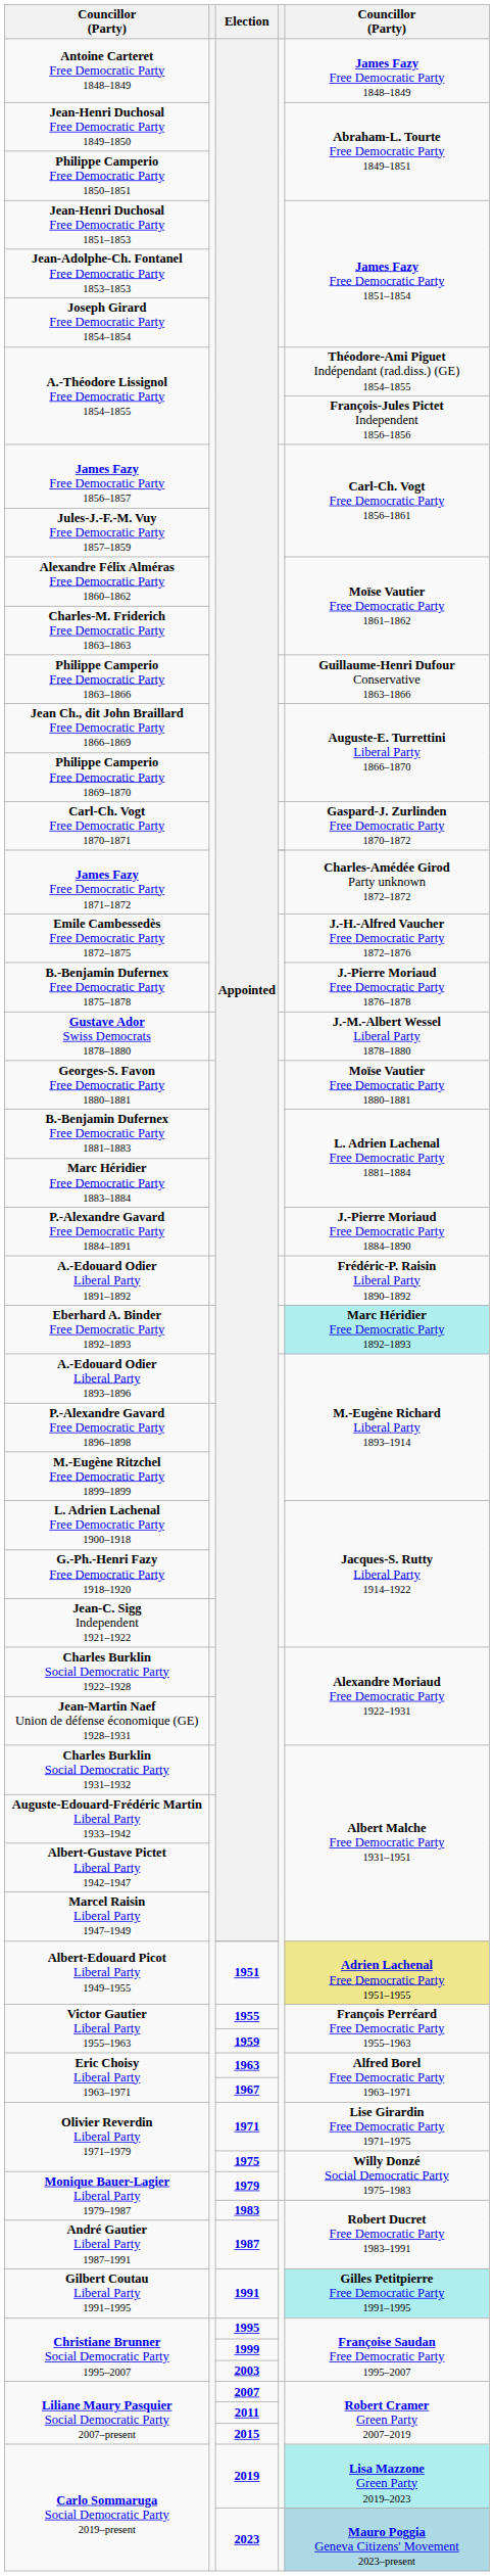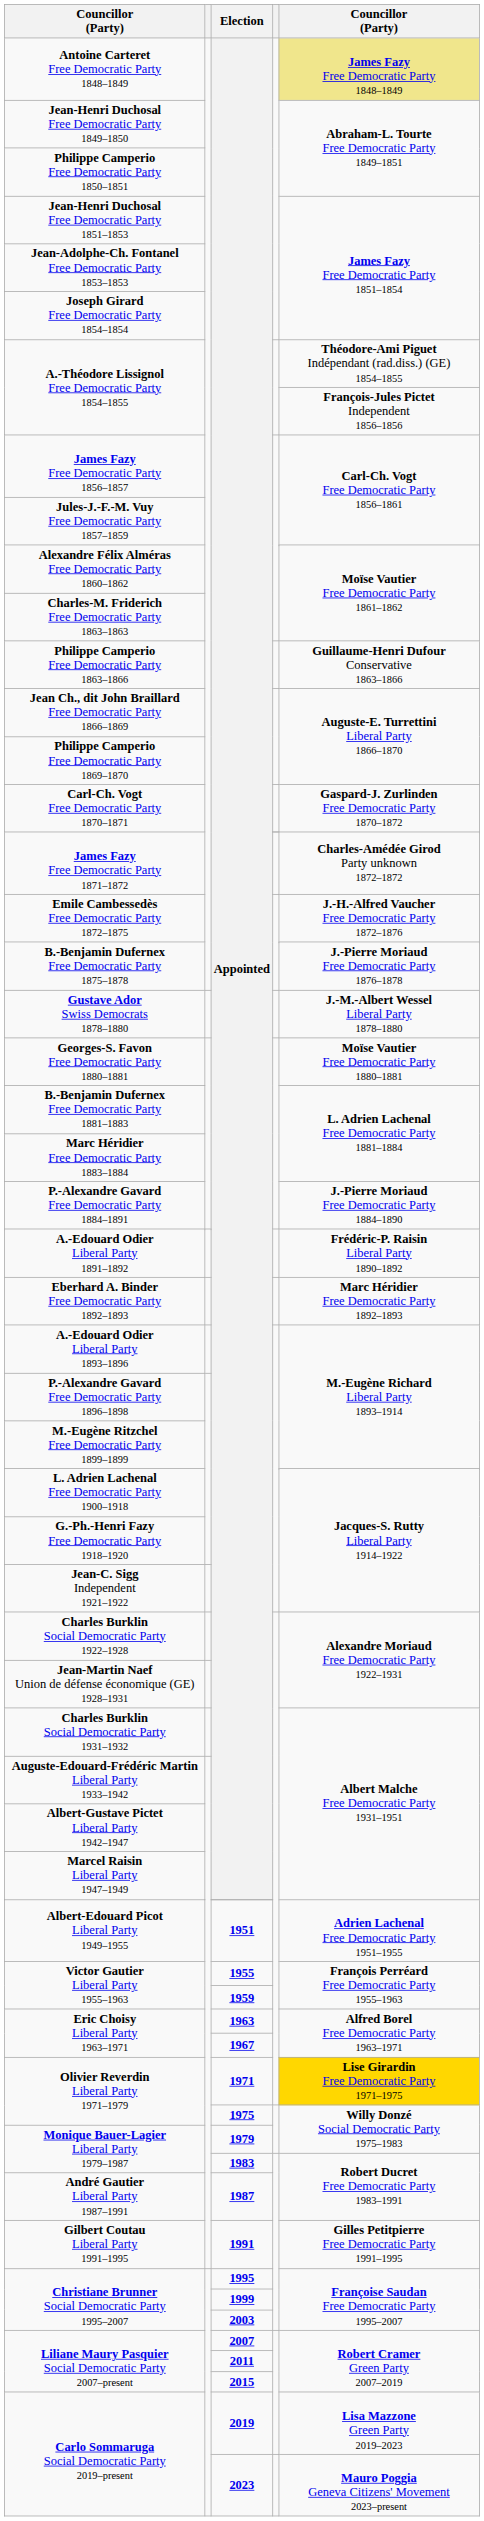 <table class="wikitable" style="text-align:center">
 <tr>
 <th scope="col" width="250" colspan = "1">Councillor<br> (Party)</th>
 <th></th>
 <th>Election</th>
 <th></th>
 <th scope="col" width="250" colspan = "1">Councillor<br> (Party)</th>
 </tr>
 <tr>
 <td rowspan=1><strong>Antoine Carteret</strong><br><a href='#'>Free Democratic Party</a><br><small>1848–1849</small></td>
 <td rowspan=22; style="background-color: "></td>
 <th rowspan=43>Appointed</th>
 <td rowspan=6; style="background-color: "></td>
-<td rowspan=1><br><strong><a href='#'>James Fazy</a></strong><br><a href='#'>Free Democratic Party</a><br><small>1848–1849</small></td>
+<td rowspan=1 style="background: khaki;"><br><strong><a href='#'>James Fazy</a></strong><br><a href='#'>Free Democratic Party</a><br><small>1848–1849</small></td>
 </tr>
 <tr>
 <td rowspan=1><strong>Jean-Henri Duchosal</strong><br><a href='#'>Free Democratic Party</a><br><small>1849–1850</small></td>
 <td rowspan=2><strong>Abraham-L. Tourte</strong><br><a href='#'>Free Democratic Party</a><br><small>1849–1851</small></td>
 </tr>
 <tr>
 <td rowspan=1><strong>Philippe Camperio</strong><br><a href='#'>Free Democratic Party</a><br><small>1850–1851</small></td>
 </tr>
 <tr>
 <td rowspan=1><strong>Jean-Henri Duchosal</strong><br><a href='#'>Free Democratic Party</a><br><small>1851–1853</small></td>
 <td rowspan=3><br><strong><a href='#'>James Fazy</a></strong><br><a href='#'>Free Democratic Party</a><br><small>1851–1854</small></td>
 </tr>
 <tr>
 <td rowspan=1><strong>Jean-Adolphe-Ch. Fontanel</strong><br><a href='#'>Free Democratic Party</a><br><small>1853–1853</small></td>
 </tr>
 <tr>
 <td rowspan=1><strong>Joseph Girard</strong><br><a href='#'>Free Democratic Party</a><br><small>1854–1854</small></td>
 </tr>
 <tr>
 <td rowspan=2><strong>A.-Théodore Lissignol</strong><br><a href='#'>Free Democratic Party</a><br><small>1854–1855</small></td>
 <td rowspan=2; style="background-color: "></td>
 <td rowspan=1><strong>Théodore-Ami Piguet</strong><br>Indépendant (rad.diss.) (GE)<br><small>1854–1855</small></td>
 </tr>
 <tr>
 <td rowspan=1><strong>François-Jules Pictet</strong><br>Independent<br><small>1856–1856</small></td>
 </tr>
 <tr>
 <td rowspan=1><br><strong><a href='#'>James Fazy</a></strong><br><a href='#'>Free Democratic Party</a><br><small>1856–1857</small></td>
 <td rowspan=5; style="background-color: "></td>
 <td rowspan=3><strong>Carl-Ch. Vogt</strong><br><a href='#'>Free Democratic Party</a><br><small>1856–1861</small></td>
 </tr>
 <tr>
 <td rowspan=1><strong>Jules-J.-F.-M. Vuy</strong><br><a href='#'>Free Democratic Party</a><br><small>1857–1859</small></td>
 </tr>
 <tr>
 <td rowspan=2><strong>Alexandre Félix Alméras</strong><br><a href='#'>Free Democratic Party</a><br><small>1860–1862</small></td>
 </tr>
 <tr>
 <td rowspan=2><strong>Moïse Vautier</strong><br><a href='#'>Free Democratic Party</a><br><small>1861–1862</small></td>
 </tr>
 <tr>
 <td rowspan=1><strong>Charles-M. Friderich</strong><br><a href='#'>Free Democratic Party</a><br><small>1863–1863</small></td>
 </tr>
 <tr>
 <td rowspan=1><strong>Philippe Camperio</strong><br><a href='#'>Free Democratic Party</a><br><small>1863–1866</small></td>
 <td rowspan=1; style="background-color: "></td>
 <td rowspan=1><strong>Guillaume-Henri Dufour</strong><br>Conservative<br><small>1863–1866</small></td>
 </tr>
 <tr>
 <td rowspan=1><strong>Jean Ch., dit John Braillard</strong><br><a href='#'>Free Democratic Party</a><br><small>1866–1869</small></td>
 <td rowspan=2; style="background-color: "></td>
 <td rowspan=2><strong>Auguste-E. Turrettini</strong><br><a href='#'>Liberal Party</a><br><small>1866–1870</small></td>
 </tr>
 <tr>
 <td rowspan=1><strong>Philippe Camperio</strong><br><a href='#'>Free Democratic Party</a><br><small>1869–1870</small></td>
 </tr>
 <tr>
 <td rowspan=1><strong>Carl-Ch. Vogt</strong><br><a href='#'>Free Democratic Party</a><br><small>1870–1871</small></td>
 <td rowspan=1; style="background-color: "></td>
 <td rowspan=2><strong>Gaspard-J. Zurlinden</strong><br><a href='#'>Free Democratic Party</a><br><small>1870–1872</small></td>
 </tr>
 <tr>
 <td rowspan=2><br><strong><a href='#'>James Fazy</a></strong><br><a href='#'>Free Democratic Party</a><br><small>1871–1872</small></td>
 </tr>
 <tr>
 <td rowspan=1; style="background-color: "></td>
 <td rowspan=1><strong>Charles-Amédée Girod</strong><br>Party unknown<br><small>1872–1872</small></td>
 </tr>
 <tr>
 <td rowspan=1><strong>Emile Cambessedès</strong><br><a href='#'>Free Democratic Party</a><br><small>1872–1875</small></td>
 <td rowspan=3; style="background-color: "></td>
 <td rowspan=2><strong>J.-H.-Alfred Vaucher</strong><br><a href='#'>Free Democratic Party</a><br><small>1872–1876</small></td>
 </tr>
 <tr>
 <td rowspan=2><strong>B.-Benjamin Dufernex</strong><br><a href='#'>Free Democratic Party</a><br><small>1875–1878</small></td>
 </tr>
 <tr>
 <td rowspan=1><strong>J.-Pierre Moriaud</strong><br><a href='#'>Free Democratic Party</a><br><small>1876–1878</small></td>
 </tr>
 <tr>
 <td rowspan=1><strong><a href='#'>Gustave Ador</a></strong><br><a href='#'>Swiss Democrats</a><br><small>1878–1880</small></td>
 <td rowspan=1; style="background-color: "></td>
 <td rowspan=1; style="background-color: "></td>
 <td rowspan=1><strong>J.-M.-Albert Wessel</strong><br><a href='#'>Liberal Party</a><br><small>1878–1880</small></td>
 </tr>
 <tr>
 <td rowspan=1><strong>Georges-S. Favon</strong><br><a href='#'>Free Democratic Party</a><br><small>1880–1881</small></td>
 <td rowspan=5; style="background-color: "></td>
 <td rowspan=4; style="background-color: "></td>
 <td rowspan=1><strong>Moïse Vautier</strong><br><a href='#'>Free Democratic Party</a><br><small>1880–1881</small></td>
 </tr>
 <tr>
 <td rowspan=1><strong>B.-Benjamin Dufernex</strong><br><a href='#'>Free Democratic Party</a><br><small>1881–1883</small></td>
 <td rowspan=2><strong>L. Adrien Lachenal</strong><br><a href='#'>Free Democratic Party</a><br><small>1881–1884</small></td>
 </tr>
 <tr>
 <td rowspan=1><strong>Marc Héridier</strong><br><a href='#'>Free Democratic Party</a><br><small>1883–1884</small></td>
 </tr>
 <tr>
 <td rowspan=2><strong>P.-Alexandre Gavard</strong><br><a href='#'>Free Democratic Party</a><br><small>1884–1891</small></td>
 <td rowspan=1><strong>J.-Pierre Moriaud</strong><br><a href='#'>Free Democratic Party</a><br><small>1884–1890</small></td>
 </tr>
 <tr>
 <td rowspan=2; style="background-color: "></td>
 <td rowspan=2><strong>Frédéric-P. Raisin</strong><br><a href='#'>Liberal Party</a><br><small>1890–1892</small></td>
 </tr>
 <tr>
 <td rowspan=1><strong>A.-Edouard Odier</strong><br><a href='#'>Liberal Party</a><br><small>1891–1892</small></td>
 <td rowspan=1; style="background-color: "></td>
 </tr>
 <tr>
 <td rowspan=1><strong>Eberhard A. Binder</strong><br><a href='#'>Free Democratic Party</a><br><small>1892–1893</small></td>
 <td rowspan=1; style="background-color: "></td>
 <td rowspan=1; style="background-color: "></td>
-<td rowspan=1 style="background: paleturquoise;"><strong>Marc Héridier</strong><br><a href='#'>Free Democratic Party</a><br><small>1892–1893</small></td>
+<td rowspan=1><strong>Marc Héridier</strong><br><a href='#'>Free Democratic Party</a><br><small>1892–1893</small></td>
 </tr>
 <tr>
 <td rowspan=1><strong>A.-Edouard Odier</strong><br><a href='#'>Liberal Party</a><br><small>1893–1896</small></td>
 <td rowspan=1; style="background-color: "></td>
 <td rowspan=7; style="background-color: "></td>
 <td rowspan=4><strong>M.-Eugène Richard</strong><br><a href='#'>Liberal Party</a><br><small>1893–1914</small></td>
 </tr>
 <tr>
 <td rowspan=1><strong>P.-Alexandre Gavard</strong><br><a href='#'>Free Democratic Party</a><br><small>1896–1898</small></td>
 <td rowspan=5; style="background-color: "></td>
 </tr>
 <tr>
 <td rowspan=1><strong>M.-Eugène Ritzchel</strong><br><a href='#'>Free Democratic Party</a><br><small>1899–1899</small></td>
 </tr>
 <tr>
 <td rowspan=2><strong>L. Adrien Lachenal</strong><br><a href='#'>Free Democratic Party</a><br><small>1900–1918</small></td>
 </tr>
 <tr>
 <td rowspan=3><strong>Jacques-S. Rutty</strong><br><a href='#'>Liberal Party</a><br><small>1914–1922</small></td>
 </tr>
 <tr>
 <td rowspan=1><strong>G.-Ph.-Henri Fazy</strong><br><a href='#'>Free Democratic Party</a><br><small>1918–1920</small></td>
 </tr>
 <tr>
 <td rowspan=1><strong>Jean-C. Sigg</strong><br>Independent<br><small>1921–1922</small></td>
 <td rowspan=1; style="background-color: "></td>
 </tr>
 <tr>
 <td rowspan=1><strong>Charles Burklin</strong><br><a href='#'>Social Democratic Party</a><br><small>1922–1928</small></td>
 <td rowspan=1; style="background-color: "></td>
 <td rowspan=13; style="background-color: "></td>
 <td rowspan=2><strong>Alexandre Moriaud</strong><br><a href='#'>Free Democratic Party</a><br><small>1922–1931</small></td>
 </tr>
 <tr>
 <td rowspan=1><strong>Jean-Martin Naef</strong><br>Union de défense économique (GE)<br><small>1928–1931</small></td>
 <td rowspan=1; style="background-color: "></td>
 </tr>
 <tr>
 <td rowspan=1><strong>Charles Burklin</strong><br><a href='#'>Social Democratic Party</a><br><small>1931–1932</small></td>
 <td rowspan=1; style="background-color: "></td>
 <td rowspan=5><strong>Albert Malche</strong><br><a href='#'>Free Democratic Party</a><br><small>1931–1951</small></td>
 </tr>
 <tr>
 <td rowspan=1><strong>Auguste-Edouard-Frédéric Martin</strong><br><a href='#'>Liberal Party</a><br><small>1933–1942</small></td>
 <td rowspan=15; style="background-color: "></td>
 </tr>
 <tr>
 <td rowspan=1><strong>Albert-Gustave Pictet</strong><br><a href='#'>Liberal Party</a><br><small>1942–1947</small></td>
 </tr>
 <tr>
 <td rowspan=1><strong>Marcel Raisin</strong><br><a href='#'>Liberal Party</a><br><small>1947–1949</small></td>
 </tr>
 <tr>
 <td rowspan=2><strong>Albert-Edouard Picot</strong><br><a href='#'>Liberal Party</a><br><small>1949–1955</small></td>
 </tr>
 <tr>
 <td><strong><a href='#'>1951</a></strong></td>
-<td rowspan=1 style="background: khaki;"><br><strong><a href='#'>Adrien Lachenal</a></strong><br><a href='#'>Free Democratic Party</a><br><small>1951–1955</small></td>
+<td rowspan=1><br><strong><a href='#'>Adrien Lachenal</a></strong><br><a href='#'>Free Democratic Party</a><br><small>1951–1955</small></td>
 </tr>
 <tr>
 <td rowspan=2><strong>Victor Gautier</strong><br><a href='#'>Liberal Party</a><br><small>1955–1963</small></td>
 <td><strong><a href='#'>1955</a></strong></td>
 <td rowspan=2><strong>François Perréard</strong><br><a href='#'>Free Democratic Party</a><br><small>1955–1963</small></td>
 </tr>
 <tr>
 <td><strong><a href='#'>1959</a></strong></td>
 </tr>
 <tr>
 <td rowspan=2><strong>Eric Choisy</strong><br><a href='#'>Liberal Party</a><br><small>1963–1971</small></td>
 <td><strong><a href='#'>1963</a></strong></td>
 <td rowspan=2><strong>Alfred Borel</strong><br><a href='#'>Free Democratic Party</a><br><small>1963–1971</small></td>
 </tr>
 <tr>
 <td><strong><a href='#'>1967</a></strong></td>
 </tr>
 <tr>
 <td rowspan=2><strong>Olivier Reverdin</strong><br><a href='#'>Liberal Party</a><br><small>1971–1979</small></td>
 <td><strong><a href='#'>1971</a></strong></td>
-<td rowspan=1><strong>Lise Girardin</strong><br><a href='#'>Free Democratic Party</a><br><small>1971–1975</small></td>
+<td rowspan=1 style="background: gold;"><strong>Lise Girardin</strong><br><a href='#'>Free Democratic Party</a><br><small>1971–1975</small></td>
 </tr>
 <tr>
 <td><strong><a href='#'>1975</a></strong></td>
 <td rowspan=2; style="background-color: "></td>
 <td rowspan=2><strong>Willy Donzé</strong><br><a href='#'>Social Democratic Party</a><br><small>1975–1983</small></td>
 </tr>
 <tr>
 <td rowspan=2><strong><a href='#'>Monique Bauer-Lagier</a></strong><br><a href='#'>Liberal Party</a><br><small>1979–1987</small></td>
 <td><strong><a href='#'>1979</a></strong></td>
 </tr>
 <tr>
 <td><strong><a href='#'>1983</a></strong></td>
 <td rowspan=6; style="background-color: "></td>
 <td rowspan=2><strong>Robert Ducret</strong><br><a href='#'>Free Democratic Party</a><br><small>1983–1991</small></td>
 </tr>
 <tr>
 <td rowspan=1><strong>André Gautier</strong><br><a href='#'>Liberal Party</a><br><small>1987–1991</small></td>
 <td><strong><a href='#'>1987</a></strong></td>
 </tr>
 <tr>
 <td rowspan=1><strong>Gilbert Coutau</strong><br><a href='#'>Liberal Party</a><br><small>1991–1995</small></td>
 <td><strong><a href='#'>1991</a></strong></td>
-<td rowspan=1 style="background: paleturquoise;"><strong>Gilles Petitpierre</strong><br><a href='#'>Free Democratic Party</a><br><small>1991–1995</small></td>
+<td rowspan=1><strong>Gilles Petitpierre</strong><br><a href='#'>Free Democratic Party</a><br><small>1991–1995</small></td>
 </tr>
 <tr>
 <td rowspan=3><br><strong><a href='#'>Christiane Brunner</a></strong><br><a href='#'>Social Democratic Party</a><br><small>1995–2007</small></td>
 <td rowspan=8; style="background-color: "></td>
 <td><strong><a href='#'>1995</a></strong></td>
 <td rowspan=3><br><strong><a href='#'>Françoise Saudan</a></strong><br><a href='#'>Free Democratic Party</a><br><small>1995–2007</small></td>
 </tr>
 <tr>
 <td><strong><a href='#'>1999</a></strong></td>
 </tr>
 <tr>
 <td><strong><a href='#'>2003</a></strong></td>
 </tr>
 <tr>
 <td rowspan=3><br><strong><a href='#'>Liliane Maury Pasquier</a></strong><br><a href='#'>Social Democratic Party</a><br><small>2007–present</small></td>
 <td><strong><a href='#'>2007</a></strong></td>
 <td rowspan=4; style="background-color: "></td>
 <td rowspan=3><br><strong><a href='#'>Robert Cramer</a></strong><br><a href='#'>Green Party</a><br><small>2007–2019</small></td>
 </tr>
 <tr>
 <td><strong><a href='#'>2011</a></strong></td>
 </tr>
 <tr>
 <td><strong><a href='#'>2015</a></strong></td>
 </tr>
 <tr>
 <td rowspan=2><br><strong><a href='#'>Carlo Sommaruga</a></strong><br><a href='#'>Social Democratic Party</a><br><small>2019–present</small></td>
 <td><strong><a href='#'>2019</a></strong></td>
-<td rowspan=1 style="background: paleturquoise;"><br><strong><a href='#'>Lisa Mazzone</a></strong><br><a href='#'>Green Party</a><br><small>2019–2023</small></td>
+<td rowspan=1><br><strong><a href='#'>Lisa Mazzone</a></strong><br><a href='#'>Green Party</a><br><small>2019–2023</small></td>
 </tr>
 <tr>
 <td><strong><a href='#'>2023</a></strong></td>
 <td rowspan=1; style="background-color: "></td>
-<td rowspan=1 style="background: lightblue;"><br><strong><a href='#'>Mauro Poggia</a></strong><br><a href='#'>Geneva Citizens' Movement</a><br><small>2023–present</small></td>
+<td rowspan=1><br><strong><a href='#'>Mauro Poggia</a></strong><br><a href='#'>Geneva Citizens' Movement</a><br><small>2023–present</small></td>
 </tr>
 </table>
